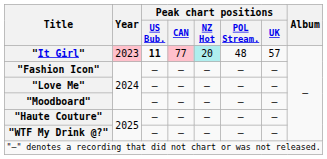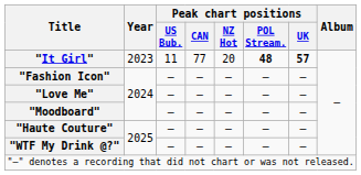 <table class="wikitable plainrowheaders" style="text-align:center;">
 <tr>
 <th scope="col" rowspan="2">Title</th>
 <th scope="col" rowspan="2">Year</th>
 <th scope="col" colspan="5">Peak chart positions</th>
 <th rowspan="2">Album</th>
 </tr>
 <tr>
 <th scope="col" style="width:2.5em;font-size:90%;"><a href='#'>US<br>Bub.</a><br></th>
 <th scope="col" style="width:2.5em;font-size:90%;"><a href='#'>CAN</a><br></th>
 <th scope="col" style="width:2.5em;font-size:90%;"><a href='#'>NZ<br>Hot</a><br></th>
 <th scope="col" style="width:2.5em;font-size:90%;"><a href='#'>POL<br>Stream.</a><br></th>
 <th scope="col" style="width:2.5em;font-size:90%;"><a href='#'>UK</a><br></th>
 </tr>
 <tr>
 <th scope="row">"<a href='#'>It Girl</a>"</th>
-<td style="background: pink;">2023</td>
-<td><strong>11</strong></td>
-<td style="background: pink;">77</td>
-<td style="background: paleturquoise;">20</td>
-<td>48</td>
-<td>57</td>
+<td>2023</td>
+<td>11</td>
+<td>77</td>
+<td>20</td>
+<td><strong>48</strong></td>
+<td><strong>57</strong></td>
 <td rowspan="6">—</td>
 </tr>
 <tr>
 <th scope="row">"Fashion Icon"<br></th>
 <td rowspan="3">2024</td>
 <td>—</td>
 <td>—</td>
 <td>—</td>
 <td>—</td>
 <td>—</td>
 </tr>
 <tr>
 <th scope="row">"Love Me"</th>
 <td>—</td>
 <td>—</td>
 <td>—</td>
 <td>—</td>
 <td>—</td>
 </tr>
 <tr>
 <th scope="row">"Moodboard"</th>
 <td>—</td>
 <td>—</td>
 <td>—</td>
 <td>—</td>
 <td>—</td>
 </tr>
 <tr>
 <th scope="row">"Haute Couture"<br></th>
 <td rowspan="2">2025</td>
 <td>—</td>
 <td>—</td>
 <td>—</td>
 <td>—</td>
 <td>—</td>
 </tr>
 <tr>
 <th scope="row">"WTF My Drink @?"</th>
 <td>—</td>
 <td>—</td>
 <td>—</td>
 <td>—</td>
 <td>—</td>
 </tr>
 <tr>
 <td colspan="8" style="font-size:85%;">"—" denotes a recording that did not chart or was not released.</td>
 </tr>
 </table>
